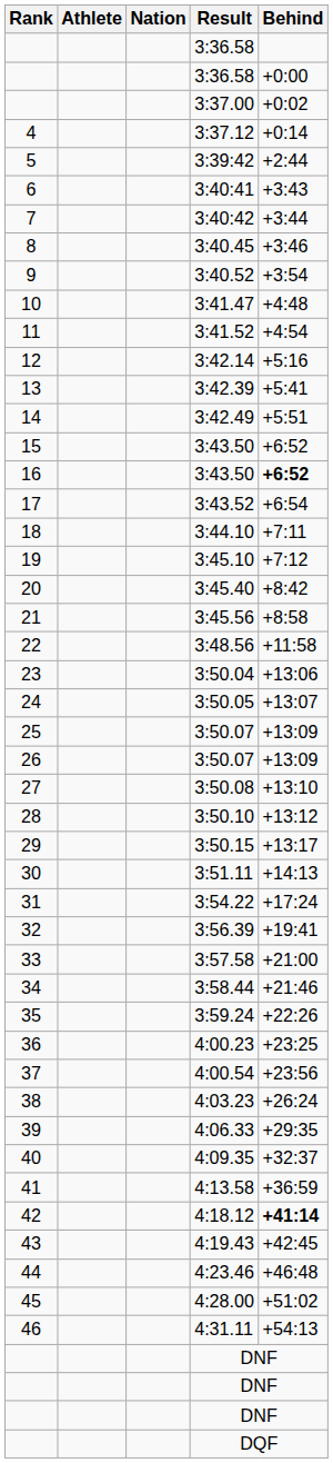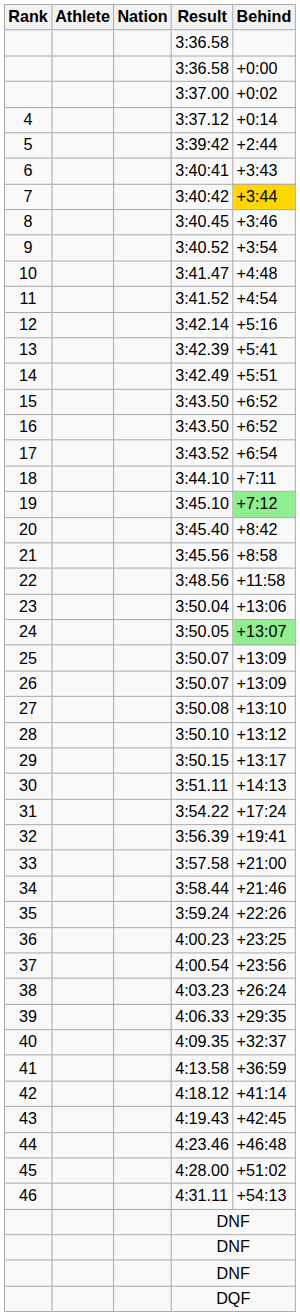 <table class="wikitable sortable">
 <tr>
 <th>Rank</th>
 <th>Athlete</th>
 <th>Nation</th>
 <th>Result</th>
 <th>Behind</th>
 </tr>
 <tr>
 <td align="center"></td>
 <td></td>
 <td></td>
 <td>3:36.58</td>
 <td></td>
 </tr>
 <tr>
 <td align="center"></td>
 <td></td>
 <td></td>
 <td>3:36.58</td>
 <td>+0:00</td>
 </tr>
 <tr>
 <td align="center"></td>
 <td></td>
 <td></td>
 <td>3:37.00</td>
 <td>+0:02</td>
 </tr>
 <tr>
 <td align="center">4</td>
 <td></td>
 <td></td>
 <td>3:37.12</td>
 <td>+0:14</td>
 </tr>
 <tr>
 <td align="center">5</td>
 <td></td>
 <td></td>
 <td>3:39:42</td>
 <td>+2:44</td>
 </tr>
 <tr>
 <td align="center">6</td>
 <td></td>
 <td></td>
 <td>3:40:41</td>
 <td>+3:43</td>
 </tr>
 <tr>
 <td align="center">7</td>
 <td></td>
 <td></td>
 <td>3:40:42</td>
-<td>+3:44</td>
+<td style="background: gold;">+3:44</td>
 </tr>
 <tr>
 <td align="center">8</td>
 <td></td>
 <td></td>
 <td>3:40.45</td>
 <td>+3:46</td>
 </tr>
 <tr>
 <td align="center">9</td>
 <td></td>
 <td></td>
 <td>3:40.52</td>
 <td>+3:54</td>
 </tr>
 <tr>
 <td align="center">10</td>
 <td></td>
 <td></td>
 <td>3:41.47</td>
 <td>+4:48</td>
 </tr>
 <tr>
 <td align="center">11</td>
 <td></td>
 <td></td>
 <td>3:41.52</td>
 <td>+4:54</td>
 </tr>
 <tr>
 <td align="center">12</td>
 <td></td>
 <td></td>
 <td>3:42.14</td>
 <td>+5:16</td>
 </tr>
 <tr>
 <td align="center">13</td>
 <td></td>
 <td></td>
 <td>3:42.39</td>
 <td>+5:41</td>
 </tr>
 <tr>
 <td align="center">14</td>
 <td></td>
 <td></td>
 <td>3:42.49</td>
 <td>+5:51</td>
 </tr>
 <tr>
 <td align="center">15</td>
 <td></td>
 <td></td>
 <td>3:43.50</td>
 <td>+6:52</td>
 </tr>
 <tr>
 <td align="center">16</td>
 <td></td>
 <td></td>
 <td>3:43.50</td>
-<td><strong>+6:52</strong></td>
+<td>+6:52</td>
 </tr>
 <tr>
 <td align="center">17</td>
 <td></td>
 <td></td>
 <td>3:43.52</td>
 <td>+6:54</td>
 </tr>
 <tr>
 <td align="center">18</td>
 <td></td>
 <td></td>
 <td>3:44.10</td>
 <td>+7:11</td>
 </tr>
 <tr>
 <td align="center">19</td>
 <td></td>
 <td></td>
 <td>3:45.10</td>
-<td>+7:12</td>
+<td style="background: lightgreen;">+7:12</td>
 </tr>
 <tr>
 <td align="center">20</td>
 <td></td>
 <td></td>
 <td>3:45.40</td>
 <td>+8:42</td>
 </tr>
 <tr>
 <td align="center">21</td>
 <td></td>
 <td></td>
 <td>3:45.56</td>
 <td>+8:58</td>
 </tr>
 <tr>
 <td align="center">22</td>
 <td></td>
 <td></td>
 <td>3:48.56</td>
 <td>+11:58</td>
 </tr>
 <tr>
 <td align="center">23</td>
 <td></td>
 <td></td>
 <td>3:50.04</td>
 <td>+13:06</td>
 </tr>
 <tr>
 <td align="center">24</td>
 <td></td>
 <td></td>
 <td>3:50.05</td>
-<td>+13:07</td>
+<td style="background: lightgreen;">+13:07</td>
 </tr>
 <tr>
 <td align="center">25</td>
 <td></td>
 <td></td>
 <td>3:50.07</td>
 <td>+13:09</td>
 </tr>
 <tr>
 <td align="center">26</td>
 <td></td>
 <td></td>
 <td>3:50.07</td>
 <td>+13:09</td>
 </tr>
 <tr>
 <td align="center">27</td>
 <td></td>
 <td></td>
 <td>3:50.08</td>
 <td>+13:10</td>
 </tr>
 <tr>
 <td align="center">28</td>
 <td></td>
 <td></td>
 <td>3:50.10</td>
 <td>+13:12</td>
 </tr>
 <tr>
 <td align="center">29</td>
 <td></td>
 <td></td>
 <td>3:50.15</td>
 <td>+13:17</td>
 </tr>
 <tr>
 <td align="center">30</td>
 <td></td>
 <td></td>
 <td>3:51.11</td>
 <td>+14:13</td>
 </tr>
 <tr>
 <td align="center">31</td>
 <td></td>
 <td></td>
 <td>3:54.22</td>
 <td>+17:24</td>
 </tr>
 <tr>
 <td align="center">32</td>
 <td></td>
 <td></td>
 <td>3:56.39</td>
 <td>+19:41</td>
 </tr>
 <tr>
 <td align="center">33</td>
 <td></td>
 <td></td>
 <td>3:57.58</td>
 <td>+21:00</td>
 </tr>
 <tr>
 <td align="center">34</td>
 <td></td>
 <td></td>
 <td>3:58.44</td>
 <td>+21:46</td>
 </tr>
 <tr>
 <td align="center">35</td>
 <td></td>
 <td></td>
 <td>3:59.24</td>
 <td>+22:26</td>
 </tr>
 <tr>
 <td align="center">36</td>
 <td></td>
 <td></td>
 <td>4:00.23</td>
 <td>+23:25</td>
 </tr>
 <tr>
 <td align="center">37</td>
 <td></td>
 <td></td>
 <td>4:00.54</td>
 <td>+23:56</td>
 </tr>
 <tr>
 <td align="center">38</td>
 <td></td>
 <td></td>
 <td>4:03.23</td>
 <td>+26:24</td>
 </tr>
 <tr>
 <td align="center">39</td>
 <td></td>
 <td></td>
 <td>4:06.33</td>
 <td>+29:35</td>
 </tr>
 <tr>
 <td align="center">40</td>
 <td></td>
 <td></td>
 <td>4:09.35</td>
 <td>+32:37</td>
 </tr>
 <tr>
 <td align="center">41</td>
 <td></td>
 <td></td>
 <td>4:13.58</td>
 <td>+36:59</td>
 </tr>
 <tr>
 <td align="center">42</td>
 <td></td>
 <td></td>
 <td>4:18.12</td>
-<td><strong>+41:14</strong></td>
+<td>+41:14</td>
 </tr>
 <tr>
 <td align="center">43</td>
 <td></td>
 <td></td>
 <td>4:19.43</td>
 <td>+42:45</td>
 </tr>
 <tr>
 <td align="center">44</td>
 <td></td>
 <td></td>
 <td>4:23.46</td>
 <td>+46:48</td>
 </tr>
 <tr>
 <td align="center">45</td>
 <td></td>
 <td></td>
 <td>4:28.00</td>
 <td>+51:02</td>
 </tr>
 <tr>
 <td align="center">46</td>
 <td></td>
 <td></td>
 <td>4:31.11</td>
 <td>+54:13</td>
 </tr>
 <tr>
 <td></td>
 <td></td>
 <td></td>
 <td colspan="2" align="center">DNF</td>
 </tr>
 <tr>
 <td></td>
 <td></td>
 <td></td>
 <td colspan="2" align="center">DNF</td>
 </tr>
 <tr>
 <td></td>
 <td></td>
 <td></td>
 <td colspan="2" align="center">DNF</td>
 </tr>
 <tr>
 <td></td>
 <td></td>
 <td></td>
 <td colspan="2" align="center">DQF</td>
 </tr>
 </table>
